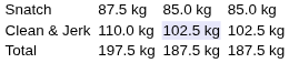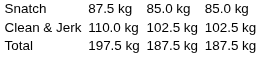 <table>
 <tr>
 <td>Snatch</td>
 <td></td>
 <td>87.5 kg</td>
 <td></td>
 <td>85.0 kg</td>
 <td></td>
 <td>85.0 kg</td>
 </tr>
 <tr>
 <td>Clean & Jerk</td>
 <td></td>
 <td>110.0 kg</td>
 <td></td>
-<td style="background: lavender;">102.5 kg</td>
+<td>102.5 kg</td>
 <td></td>
 <td>102.5 kg</td>
 </tr>
 <tr>
 <td>Total</td>
 <td></td>
 <td>197.5 kg</td>
 <td></td>
 <td>187.5 kg</td>
 <td></td>
 <td>187.5 kg</td>
 </tr>
 </table>
